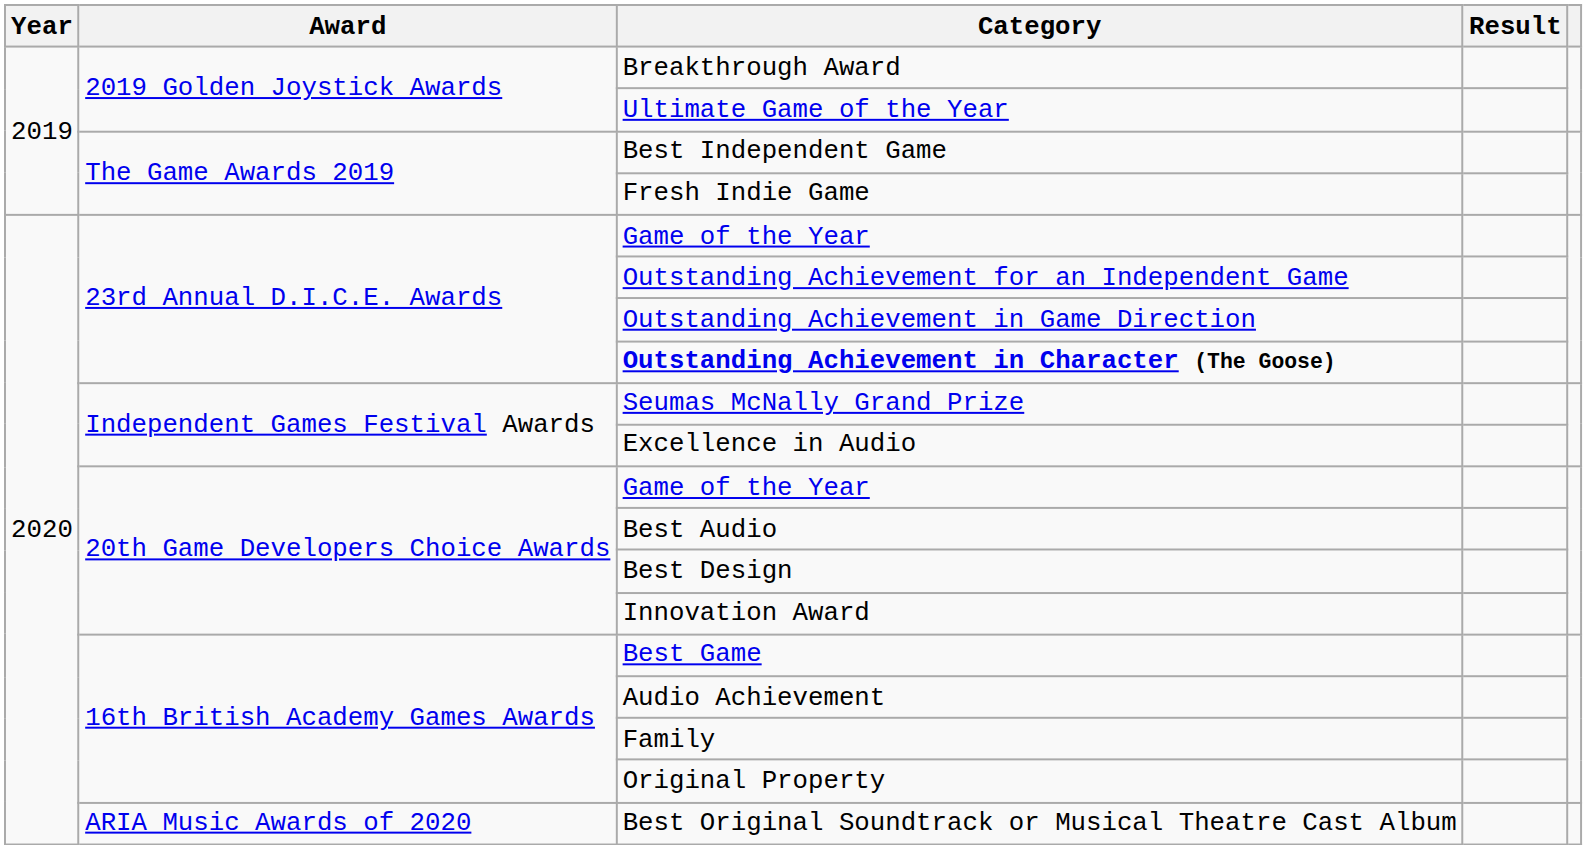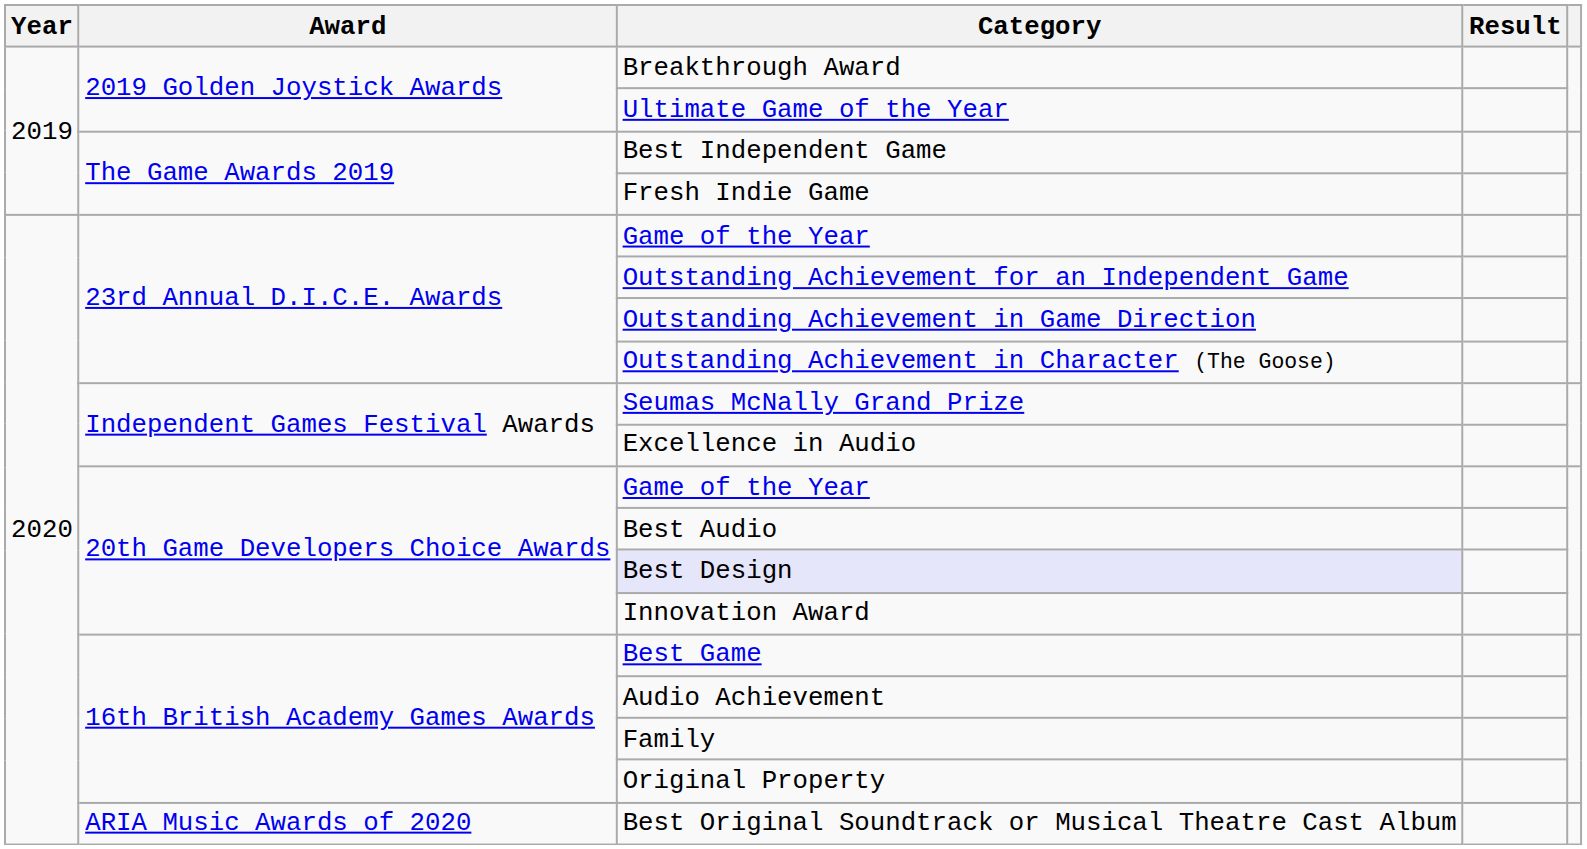 <table class="wikitable sortable">
 <tr>
 <th>Year</th>
 <th>Award</th>
 <th>Category</th>
 <th>Result</th>
 <th class="unsortable"></th>
 </tr>
 <tr>
 <td rowspan="4" style="text-align:center;">2019</td>
 <td rowspan="2"><a href='#'>2019 Golden Joystick Awards</a></td>
 <td>Breakthrough Award</td>
 <td></td>
 <td rowspan="2" style="text-align:center;"></td>
 </tr>
 <tr>
 <td><a href='#'>Ultimate Game of the Year</a></td>
 <td></td>
 </tr>
 <tr>
 <td rowspan="2"><a href='#'>The Game Awards 2019</a></td>
 <td>Best Independent Game</td>
 <td></td>
 <td rowspan="2" style="text-align:center;"></td>
 </tr>
 <tr>
 <td>Fresh Indie Game</td>
 <td></td>
 </tr>
 <tr>
 <td rowspan="15" style="text-align:center;">2020</td>
 <td rowspan="4"><a href='#'>23rd Annual D.I.C.E. Awards</a></td>
 <td><a href='#'>Game of the Year</a></td>
 <td></td>
 <td rowspan="4" style="text-align:center;"></td>
 </tr>
 <tr>
 <td><a href='#'>Outstanding Achievement for an Independent Game</a></td>
 <td></td>
 </tr>
 <tr>
 <td><a href='#'>Outstanding Achievement in Game Direction</a></td>
 <td></td>
 </tr>
 <tr>
-<td><strong><a href='#'>Outstanding Achievement in Character</a> <small>(The Goose)</small></strong></td>
+<td><a href='#'>Outstanding Achievement in Character</a> <small>(The Goose)</small></td>
 <td></td>
 </tr>
 <tr>
 <td rowspan="2"><a href='#'>Independent Games Festival</a> Awards</td>
 <td><a href='#'>Seumas McNally Grand Prize</a></td>
 <td></td>
 <td rowspan="2" style="text-align:center;"></td>
 </tr>
 <tr>
 <td>Excellence in Audio</td>
 <td></td>
 </tr>
 <tr>
 <td rowspan="4"><a href='#'>20th Game Developers Choice Awards</a></td>
 <td><a href='#'>Game of the Year</a></td>
 <td></td>
 <td rowspan="4" style="text-align:center;"></td>
 </tr>
 <tr>
 <td>Best Audio</td>
 <td></td>
 </tr>
 <tr>
-<td>Best Design</td>
+<td style="background: lavender;">Best Design</td>
 <td></td>
 </tr>
 <tr>
 <td>Innovation Award</td>
 <td></td>
 </tr>
 <tr>
 <td rowspan="4"><a href='#'>16th British Academy Games Awards</a></td>
 <td><a href='#'>Best Game</a></td>
 <td></td>
 <td rowspan="4" style="text-align:center;"></td>
 </tr>
 <tr>
 <td>Audio Achievement</td>
 <td></td>
 </tr>
 <tr>
 <td>Family</td>
 <td></td>
 </tr>
 <tr>
 <td>Original Property</td>
 <td></td>
 </tr>
 <tr>
 <td><a href='#'>ARIA Music Awards of 2020</a></td>
 <td>Best Original Soundtrack or Musical Theatre Cast Album</td>
 <td></td>
 <td style="text-align:center;"></td>
 </tr>
 </table>
